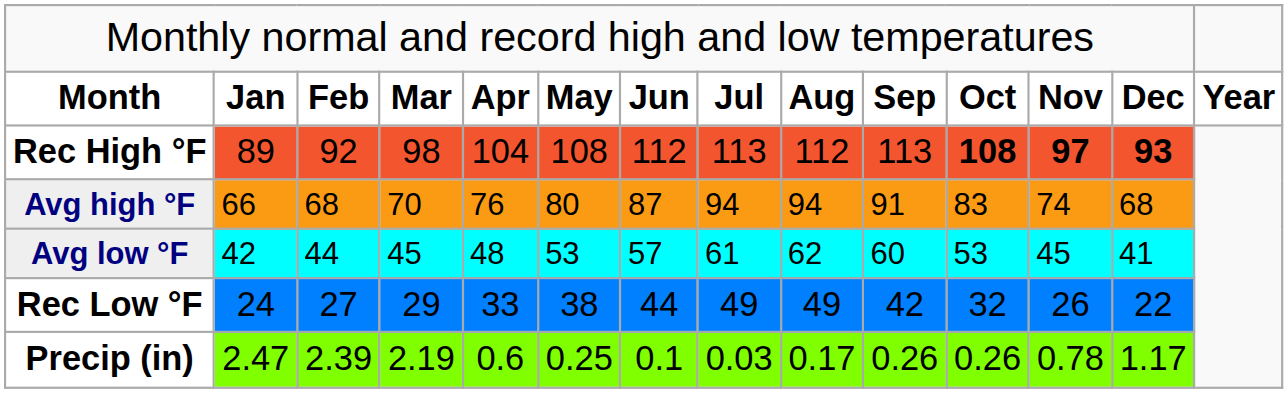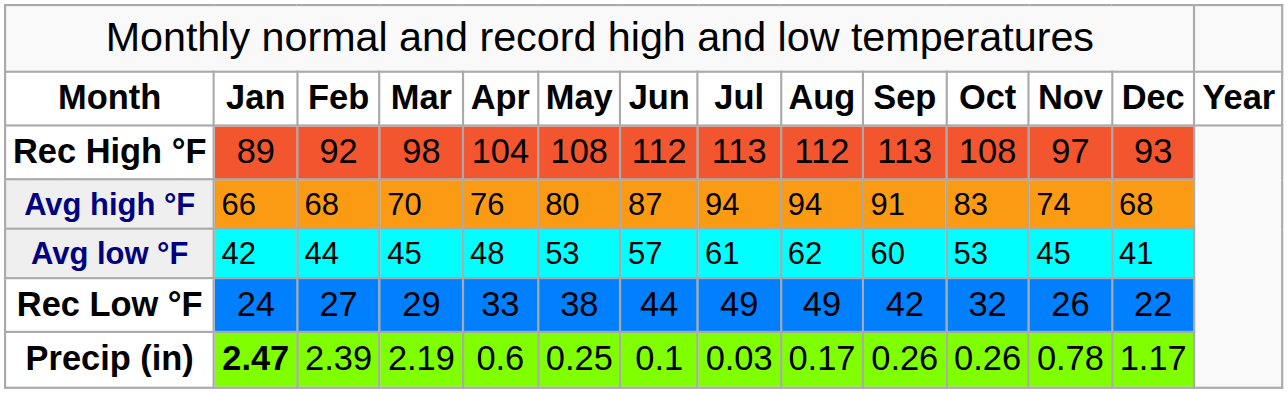 <table class="wikitable" "text-align:center;font-size:90%;">
 <tr>
 <td colspan="13" style="text-align:center;font-size:120%;">Monthly normal and record high and low temperatures</td>
 </tr>
 <tr>
 <th style="background:#fff; color:#000; height:17px;">Month</th>
 <th style="background:#fff; color:#000;">Jan</th>
 <th style="background:#fff; color:#000;">Feb</th>
 <th style="background:#fff; color:#000;">Mar</th>
 <th style="background:#fff; color:#000;">Apr</th>
 <th style="background:#fff; color:#000;">May</th>
 <th style="background:#fff; color:#000;">Jun</th>
 <th style="background:#fff; color:#000;">Jul</th>
 <th style="background:#fff; color:#000;">Aug</th>
 <th style="background:#fff; color:#000;">Sep</th>
 <th style="background:#fff; color:#000;">Oct</th>
 <th style="background:#fff; color:#000;">Nov</th>
 <th style="background:#fff; color:#000;">Dec</th>
 <th style="background:#fff; color:#000;">Year</th>
 </tr>
 <tr>
 <th style="background:#fff; color:#000; height:16px;">Rec High °F</th>
 <td style="text-align:center; background:#f3552e; color:#000;">89</td>
 <td style="text-align:center; background:#f3552e; color:#000;">92</td>
 <td style="text-align:center; background:#f3552e; color:#000;">98</td>
 <td style="text-align:center; background:#f3552e; color:#000;">104</td>
 <td style="text-align:center; background:#f3552e; color:#000;">108</td>
 <td style="text-align:center; background:#f3552e; color:#000;">112</td>
 <td style="text-align:center; background:#f3552e; color:#000;">113</td>
 <td style="text-align:center; background:#f3552e; color:#000;">112</td>
 <td style="text-align:center; background:#f3552e; color:#000;">113</td>
-<td style="text-align:center; background:#f3552e; color:#000;"><strong>108</strong></td>
-<td style="text-align:center; background:#f3552e; color:#000;"><strong>97</strong></td>
-<td style="text-align:center; background:#f3552e; color:#000;"><strong>93</strong></td>
+<td style="text-align:center; background:#f3552e; color:#000;">108</td>
+<td style="text-align:center; background:#f3552e; color:#000;">97</td>
+<td style="text-align:center; background:#f3552e; color:#000;">93</td>
 </tr>
 <tr>
 <th style="background:#efefef; color:navy; font-size:90%;">Avg high °F</th>
 <td style="background:#fb9b13; color:#000; font-size:90%;">66</td>
 <td style="background:#fb9b13; color:#000; font-size:90%;">68</td>
 <td style="background:#fb9b13; color:#000; font-size:90%;">70</td>
 <td style="background:#fb9b13; color:#000; font-size:90%;">76</td>
 <td style="background:#fb9b13; color:#000; font-size:90%;">80</td>
 <td style="background:#fb9b13; color:#000; font-size:90%;">87</td>
 <td style="background:#fb9b13; color:#000; font-size:90%;">94</td>
 <td style="background:#fb9b13; color:#000; font-size:90%;">94</td>
 <td style="background:#fb9b13; color:#000; font-size:90%;">91</td>
 <td style="background:#fb9b13; color:#000; font-size:90%;">83</td>
 <td style="background:#fb9b13; color:#000; font-size:90%;">74</td>
 <td style="background:#fb9b13; color:#000; font-size:90%;">68</td>
 </tr>
 <tr>
 <th style="background:#efefef; color:navy; font-size:90%; height:16px;">Avg low °F</th>
 <td style="background:#0ff; color:black; font-size:90%;">42</td>
 <td style="background:#0ff; color:black; font-size:90%;">44</td>
 <td style="background:#0ff; color:black; font-size:90%;">45</td>
 <td style="background:#0ff; color:black; font-size:90%;">48</td>
 <td style="background:#0ff; color:black; font-size:90%;">53</td>
 <td style="background:#0ff; color:black; font-size:90%;">57</td>
 <td style="background:#0ff; color:black; font-size:90%;">61</td>
 <td style="background:#0ff; color:black; font-size:90%;">62</td>
 <td style="background:#0ff; color:black; font-size:90%;">60</td>
 <td style="background:#0ff; color:black; font-size:90%;">53</td>
 <td style="background:#0ff; color:black; font-size:90%;">45</td>
 <td style="background:#0ff; color:black; font-size:90%;">41</td>
 </tr>
 <tr>
 <th style="background:#fff; color:#000; height:16px;">Rec Low °F</th>
 <td style="text-align:center; background:#007fff; color:#000;">24</td>
 <td style="text-align:center; background:#007fff; color:#000;">27</td>
 <td style="text-align:center; background:#007fff; color:#000;">29</td>
 <td style="text-align:center; background:#007fff; color:#000;">33</td>
 <td style="text-align:center; background:#007fff; color:#000;">38</td>
 <td style="text-align:center; background:#007fff; color:#000;">44</td>
 <td style="text-align:center; background:#007fff; color:#000;">49</td>
 <td style="text-align:center; background:#007fff; color:#000;">49</td>
 <td style="text-align:center; background:#007fff; color:#000;">42</td>
 <td style="text-align:center; background:#007fff; color:#000;">32</td>
 <td style="text-align:center; background:#007fff; color:#000;">26</td>
 <td style="text-align:center; background:#007fff; color:#000;">22</td>
 </tr>
 <tr>
 <th style="background:#fff; color:#000; height:16px;">Precip (in)</th>
-<td style="text-align:center; background:#7fff00; color:#000;">2.47</td>
+<td style="text-align:center; background:#7fff00; color:#000;"><strong>2.47</strong></td>
 <td style="text-align:center; background:#7fff00; color:#000;">2.39</td>
 <td style="text-align:center; background:#7fff00; color:#000;">2.19</td>
 <td style="text-align:center; background:#7fff00; color:#000;">0.6</td>
 <td style="text-align:center; background:#7fff00; color:#000;">0.25</td>
 <td style="text-align:center; background:#7fff00; color:#000;">0.1</td>
 <td style="text-align:center; background:#7fff00; color:#000;">0.03</td>
 <td style="text-align:center; background:#7fff00; color:#000;">0.17</td>
 <td style="text-align:center; background:#7fff00; color:#000;">0.26</td>
 <td style="text-align:center; background:#7fff00; color:#000;">0.26</td>
 <td style="text-align:center; background:#7fff00; color:#000;">0.78</td>
 <td style="text-align:center; background:#7fff00; color:#000;">1.17</td>
 </tr>
 </table>
